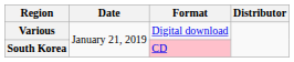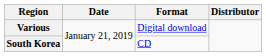 <table class="wikitable plainrowheaders">
 <tr>
 <th>Region</th>
 <th>Date</th>
 <th>Format</th>
 <th>Distributor</th>
 </tr>
 <tr>
 <th scope="row">Various</th>
 <td rowspan="3">January 21, 2019</td>
 <td rowspan="2"><a href='#'>Digital download</a></td>
 <td rowspan="3"></td>
 </tr>
 <tr>
 <th scope="row" rowspan="2">South Korea</th>
 </tr>
 <tr>
-<td style="background: pink;"><a href='#'>CD</a></td>
+<td><a href='#'>CD</a></td>
 </tr>
 </table>
